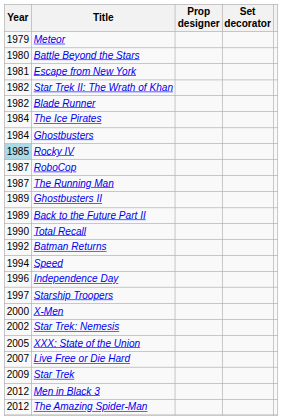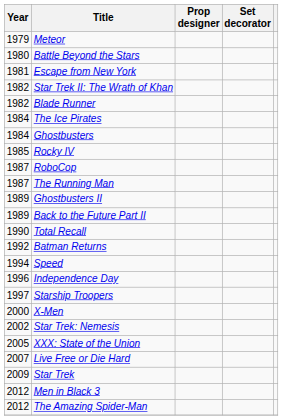 <table class="wikitable sortable">
 <tr>
 <th>Year</th>
 <th>Title</th>
 <th width="65">Prop designer</th>
 <th width="65">Set decorator</th>
 <th class=unsortable></th>
 </tr>
 <tr>
 <td>1979</td>
 <td><em><a href='#'>Meteor</a></em></td>
 <td></td>
 <td></td>
 <td></td>
 </tr>
 <tr>
 <td>1980</td>
 <td><em><a href='#'>Battle Beyond the Stars</a></em></td>
 <td></td>
 <td></td>
 <td></td>
 </tr>
 <tr>
 <td>1981</td>
 <td><em><a href='#'>Escape from New York</a></em></td>
 <td></td>
 <td></td>
 <td></td>
 </tr>
 <tr>
 <td>1982</td>
 <td><em><a href='#'>Star Trek II: The Wrath of Khan</a></em></td>
 <td></td>
 <td></td>
 <td></td>
 </tr>
 <tr>
 <td>1982</td>
 <td><em><a href='#'>Blade Runner</a></em></td>
 <td></td>
 <td></td>
 <td></td>
 </tr>
 <tr>
 <td>1984</td>
 <td><em><a href='#'>The Ice Pirates</a></em></td>
 <td></td>
 <td></td>
 <td></td>
 </tr>
 <tr>
 <td>1984</td>
 <td><em><a href='#'>Ghostbusters</a></em></td>
 <td></td>
 <td></td>
 <td></td>
 </tr>
 <tr>
-<td style="background: lightblue;">1985</td>
+<td>1985</td>
 <td><em><a href='#'>Rocky IV</a></em></td>
 <td></td>
 <td></td>
 <td></td>
 </tr>
 <tr>
 <td>1987</td>
 <td><em><a href='#'>RoboCop</a></em></td>
 <td></td>
 <td></td>
 <td></td>
 </tr>
 <tr>
 <td>1987</td>
 <td><em><a href='#'>The Running Man</a></em></td>
 <td></td>
 <td></td>
 <td></td>
 </tr>
 <tr>
 <td>1989</td>
 <td><em><a href='#'>Ghostbusters II</a></em></td>
 <td></td>
 <td></td>
 <td></td>
 </tr>
 <tr>
 <td>1989</td>
 <td><em><a href='#'>Back to the Future Part II</a></em></td>
 <td></td>
 <td></td>
 <td></td>
 </tr>
 <tr>
 <td>1990</td>
 <td><em><a href='#'>Total Recall</a></em></td>
 <td></td>
 <td></td>
 <td></td>
 </tr>
 <tr>
 <td>1992</td>
 <td><em><a href='#'>Batman Returns</a></em></td>
 <td></td>
 <td></td>
 <td></td>
 </tr>
 <tr>
 <td>1994</td>
 <td><em><a href='#'>Speed</a></em></td>
 <td></td>
 <td></td>
 <td></td>
 </tr>
 <tr>
 <td>1996</td>
 <td><em><a href='#'>Independence Day</a></em></td>
 <td></td>
 <td></td>
 <td></td>
 </tr>
 <tr>
 <td>1997</td>
 <td><em><a href='#'>Starship Troopers</a></em></td>
 <td></td>
 <td></td>
 <td></td>
 </tr>
 <tr>
 <td>2000</td>
 <td><em><a href='#'>X-Men</a></em></td>
 <td></td>
 <td></td>
 <td></td>
 </tr>
 <tr>
 <td>2002</td>
 <td><em><a href='#'>Star Trek: Nemesis</a></em></td>
 <td></td>
 <td></td>
 <td></td>
 </tr>
 <tr>
 <td>2005</td>
 <td><em><a href='#'>XXX: State of the Union</a></em></td>
 <td></td>
 <td></td>
 <td></td>
 </tr>
 <tr>
 <td>2007</td>
 <td><em><a href='#'>Live Free or Die Hard</a></em></td>
 <td></td>
 <td></td>
 <td></td>
 </tr>
 <tr>
 <td>2009</td>
 <td><em><a href='#'>Star Trek</a></em></td>
 <td></td>
 <td></td>
 <td></td>
 </tr>
 <tr>
 <td>2012</td>
 <td><em><a href='#'>Men in Black 3</a></em></td>
 <td></td>
 <td></td>
 <td></td>
 </tr>
 <tr>
 <td>2012</td>
 <td><em><a href='#'>The Amazing Spider-Man</a></em></td>
 <td></td>
 <td></td>
 <td></td>
 </tr>
 <tr>
 </tr>
 </table>
